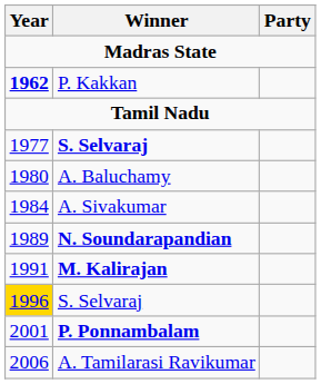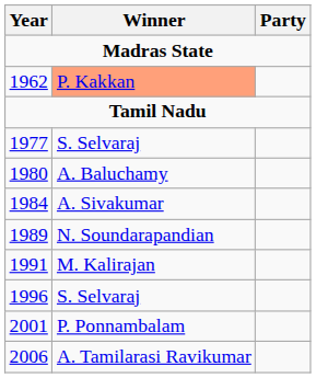 <table class="wikitable sortable">
 <tr>
 <th>Year</th>
 <th>Winner</th>
 <th colspan="2">Party</th>
 </tr>
 <tr>
 <td style="text-align: center;" colspan="4"><strong>Madras State</strong></td>
 </tr>
 <tr>
-<td><strong><a href='#'>1962</a></strong></td>
-<td><a href='#'>P. Kakkan</a></td>
+<td><a href='#'>1962</a></td>
+<td style="background: lightsalmon;"><a href='#'>P. Kakkan</a></td>
 <td></td>
 </tr>
 <tr>
 <td style="text-align: center;" colspan="4"><strong>Tamil Nadu</strong></td>
 </tr>
 <tr>
 <td><a href='#'>1977</a></td>
-<td><strong><a href='#'>S. Selvaraj</a></strong></td>
+<td><a href='#'>S. Selvaraj</a></td>
 <td></td>
 </tr>
 <tr>
 <td><a href='#'>1980</a></td>
 <td><a href='#'>A. Baluchamy</a></td>
 <td></td>
 </tr>
 <tr>
 <td><a href='#'>1984</a></td>
 <td><a href='#'>A. Sivakumar</a></td>
 <td></td>
 </tr>
 <tr>
 <td><a href='#'>1989</a></td>
-<td><strong><a href='#'>N. Soundarapandian</a></strong></td>
+<td><a href='#'>N. Soundarapandian</a></td>
 <td></td>
 </tr>
 <tr>
 <td><a href='#'>1991</a></td>
-<td><strong><a href='#'>M. Kalirajan</a></strong></td>
+<td><a href='#'>M. Kalirajan</a></td>
 <td></td>
 </tr>
 <tr>
-<td style="background: gold;"><a href='#'>1996</a></td>
+<td><a href='#'>1996</a></td>
 <td><a href='#'>S. Selvaraj</a></td>
 <td></td>
 </tr>
 <tr>
 <td><a href='#'>2001</a></td>
-<td><strong><a href='#'>P. Ponnambalam</a></strong></td>
+<td><a href='#'>P. Ponnambalam</a></td>
 <td></td>
 </tr>
 <tr>
 <td><a href='#'>2006</a></td>
 <td><a href='#'>A. Tamilarasi Ravikumar</a></td>
 <td></td>
 </tr>
 </table>
